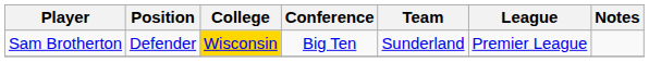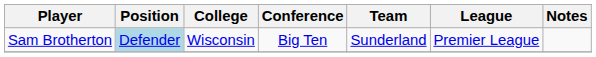 <table class="wikitable sortable" style="text-align:center">
 <tr>
 <th>Player</th>
 <th>Position</th>
 <th>College</th>
 <th>Conference</th>
 <th>Team</th>
 <th>League</th>
 <th>Notes</th>
 </tr>
 <tr>
 <td><a href='#'>Sam Brotherton</a></td>
-<td><a href='#'>Defender</a></td>
-<td style="background: gold;"><a href='#'>Wisconsin</a></td>
+<td style="background: lightblue;"><a href='#'>Defender</a></td>
+<td><a href='#'>Wisconsin</a></td>
 <td><a href='#'>Big Ten</a></td>
 <td><a href='#'>Sunderland</a></td>
 <td><a href='#'>Premier League</a></td>
 <td></td>
 </tr>
 <tr>
 </tr>
 </table>
